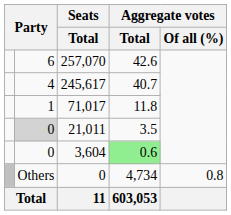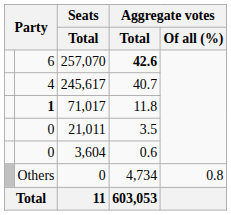 <table class="wikitable" style="text-align:right; font-size:95%;">
 <tr>
 <th colspan="2" rowspan="2">Party</th>
 <th>Seats</th>
 <th colspan="2">Aggregate votes</th>
 </tr>
 <tr>
 <th>Total</th>
 <th>Total</th>
 <th>Of all (%)</th>
 </tr>
 <tr>
 <td></td>
 <td>6</td>
 <td>257,070</td>
-<td>42.6</td>
+<td><strong>42.6</strong></td>
 </tr>
 <tr>
 <td></td>
 <td>4</td>
 <td>245,617</td>
 <td>40.7</td>
 </tr>
 <tr>
 <td></td>
-<td>1</td>
+<td><strong>1</strong></td>
 <td>71,017</td>
 <td>11.8</td>
 </tr>
 <tr>
 <td></td>
-<td style="background: lightgrey;">0</td>
+<td>0</td>
 <td>21,011</td>
 <td>3.5</td>
 </tr>
 <tr>
 <td></td>
 <td>0</td>
 <td>3,604</td>
-<td style="background: lightgreen;">0.6</td>
+<td>0.6</td>
 </tr>
 <tr>
 <td style="background:silver;"> </td>
 <td align=left>Others</td>
 <td>0</td>
 <td>4,734</td>
 <td>0.8</td>
 </tr>
 <tr>
 <th colspan="2" style="background:#f2f2f2"><strong>Total</strong></th>
 <td style="background:#f2f2f2;"><strong>11</strong></td>
 <td style="background:#f2f2f2;"><strong>603,053</strong></td>
 <td style="background:#f2f2f2;"></td>
 </tr>
 </table>
